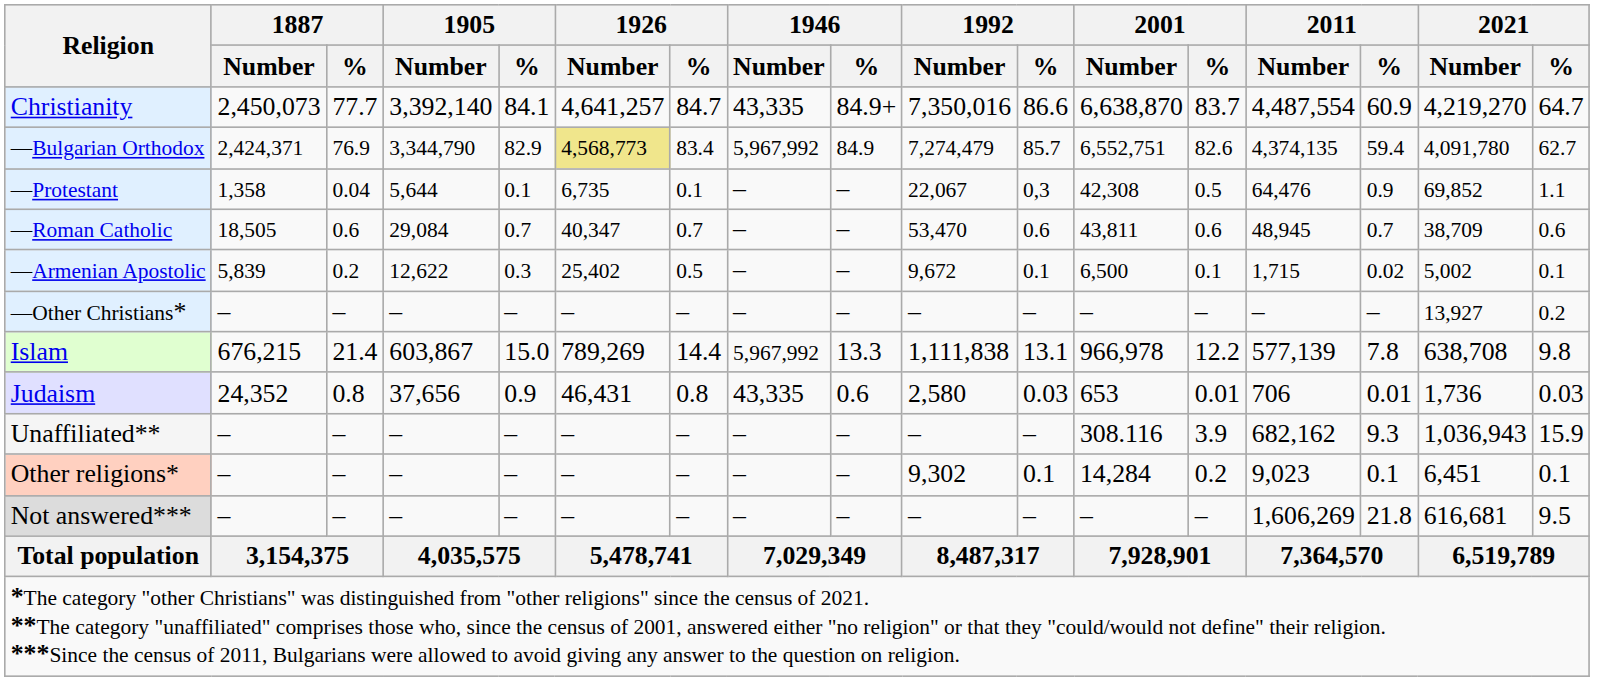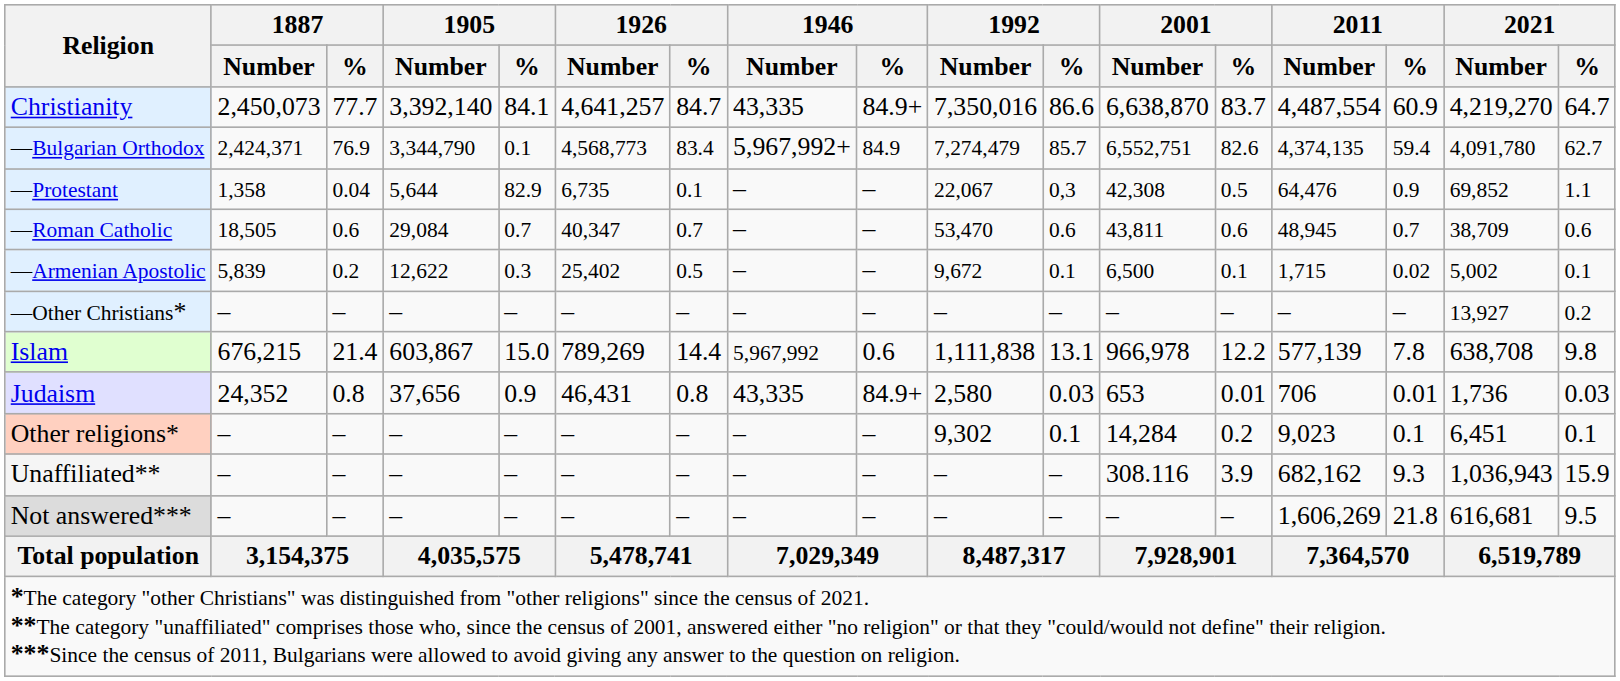 <table class="wikitable">
 <tr>
 <th rowspan="2">Religion</th>
 <th style="text-align:center;" colspan="2">1887</th>
 <th style="text-align:center;" colspan="2">1905</th>
 <th style="text-align:center;" colspan="2">1926</th>
 <th style="text-align:center;" colspan="2">1946</th>
 <th style="text-align:center;" colspan="2">1992</th>
 <th style="text-align:center;" colspan="2">2001</th>
 <th style="text-align:center;" colspan="2">2011</th>
 <th style="text-align:center;" colspan="2">2021</th>
 </tr>
 <tr>
 <th>Number</th>
 <th>%</th>
 <th>Number</th>
 <th>%</th>
 <th>Number</th>
 <th>%</th>
 <th>Number</th>
 <th>%</th>
 <th>Number</th>
 <th>%</th>
 <th>Number</th>
 <th>%</th>
 <th>Number</th>
 <th>%</th>
 <th>Number</th>
 <th>%</th>
 </tr>
 <tr>
 <td style="background:#E0F0FF;"><a href='#'>Christianity</a></td>
 <td>2,450,073</td>
 <td>77.7</td>
 <td>3,392,140</td>
 <td>84.1</td>
 <td>4,641,257</td>
 <td>84.7</td>
 <td>43,335</td>
 <td>84.9+</td>
 <td>7,350,016</td>
 <td>86.6</td>
 <td>6,638,870</td>
 <td>83.7</td>
 <td>4,487,554</td>
 <td>60.9</td>
 <td>4,219,270</td>
 <td>64.7</td>
 </tr>
 <tr>
 <td style="background:#E0F0FF;"><small>—<a href='#'>Bulgarian Orthodox</a></small></td>
 <td><small>2,424,371</small></td>
 <td><small>76.9</small></td>
 <td><small>3,344,790</small></td>
-<td><small>82.9</small></td>
-<td style="background: khaki;"><small>4,568,773</small></td>
+<td><small>0.1</small></td>
+<td><small>4,568,773</small></td>
 <td><small>83.4</small></td>
-<td><small>5,967,992</small></td>
+<td>5,967,992+</td>
 <td><small>84.9</small></td>
 <td><small>7,274,479</small></td>
 <td><small>85.7</small></td>
 <td><small>6,552,751</small></td>
 <td><small>82.6</small></td>
 <td><small>4,374,135</small></td>
 <td><small>59.4</small></td>
 <td><small>4,091,780</small></td>
 <td><small>62.7</small></td>
 </tr>
 <tr>
 <td style="background:#E0F0FF;"><small>—<a href='#'>Protestant</a></small></td>
 <td><small>1,358</small></td>
 <td><small>0.04</small></td>
 <td><small>5,644</small></td>
-<td><small>0.1</small></td>
+<td><small>82.9</small></td>
 <td><small>6,735</small></td>
 <td><small>0.1</small></td>
 <td>–</td>
 <td>–</td>
 <td><small>22,067</small></td>
 <td><small>0,3</small></td>
 <td><small>42,308</small></td>
 <td><small>0.5</small></td>
 <td><small>64,476</small></td>
 <td><small>0.9</small></td>
 <td><small>69,852</small></td>
 <td><small>1.1</small></td>
 </tr>
 <tr>
 <td style="background:#E0F0FF;"><small>—<a href='#'>Roman Catholic</a></small></td>
 <td><small>18,505</small></td>
 <td><small>0.6</small></td>
 <td><small>29,084</small></td>
 <td><small>0.7</small></td>
 <td><small>40,347</small></td>
 <td><small>0.7</small></td>
 <td>–</td>
 <td>–</td>
 <td><small>53,470</small></td>
 <td><small>0.6</small></td>
 <td><small>43,811</small></td>
 <td><small>0.6</small></td>
 <td><small>48,945</small></td>
 <td><small>0.7</small></td>
 <td><small>38,709</small></td>
 <td><small>0.6</small></td>
 </tr>
 <tr>
 <td style="background:#E0F0FF;"><small>—<a href='#'>Armenian Apostolic</a></small></td>
 <td><small>5,839</small></td>
 <td><small>0.2</small></td>
 <td><small>12,622</small></td>
 <td><small>0.3</small></td>
 <td><small>25,402</small></td>
 <td><small>0.5</small></td>
 <td>–</td>
 <td>–</td>
 <td><small>9,672</small></td>
 <td><small>0.1</small></td>
 <td><small>6,500</small></td>
 <td><small>0.1</small></td>
 <td><small>1,715</small></td>
 <td><small>0.02</small></td>
 <td><small>5,002</small></td>
 <td><small>0.1</small></td>
 </tr>
 <tr>
 <td style="background:#E0F0FF;"><small>—Other Christians</small>*</td>
 <td>–</td>
 <td>–</td>
 <td>–</td>
 <td>–</td>
 <td>–</td>
 <td>–</td>
 <td>–</td>
 <td>–</td>
 <td>–</td>
 <td>–</td>
 <td>–</td>
 <td>–</td>
 <td>–</td>
 <td>–</td>
 <td><small>13,927</small></td>
 <td><small>0.2</small></td>
 </tr>
 <tr>
 <td style="background:#E0FFD0;"><a href='#'>Islam</a></td>
 <td>676,215</td>
 <td>21.4</td>
 <td>603,867</td>
 <td>15.0</td>
 <td>789,269</td>
 <td>14.4</td>
 <td><small>5,967,992</small></td>
-<td>13.3</td>
+<td>0.6</td>
 <td>1,111,838</td>
 <td>13.1</td>
 <td>966,978</td>
 <td>12.2</td>
 <td>577,139</td>
 <td>7.8</td>
 <td>638,708</td>
 <td>9.8</td>
 </tr>
 <tr>
 <td style="background:#E0E0FF;"><a href='#'>Judaism</a></td>
 <td>24,352</td>
 <td>0.8</td>
 <td>37,656</td>
 <td>0.9</td>
 <td>46,431</td>
 <td>0.8</td>
 <td>43,335</td>
-<td>0.6</td>
+<td>84.9+</td>
 <td>2,580</td>
 <td>0.03</td>
 <td>653</td>
 <td>0.01</td>
 <td>706</td>
 <td>0.01</td>
 <td>1,736</td>
 <td>0.03</td>
+</tr>
+<tr>
+<td style="background:#FFD0C0;">Other religions*</td>
+<td>–</td>
+<td>–</td>
+<td>–</td>
+<td>–</td>
+<td>–</td>
+<td>–</td>
+<td>–</td>
+<td>–</td>
+<td>9,302</td>
+<td>0.1</td>
+<td>14,284</td>
+<td>0.2</td>
+<td>9,023</td>
+<td>0.1</td>
+<td>6,451</td>
+<td>0.1</td>
 </tr>
 <tr>
 <td style="background:#F5F5F5;">Unaffiliated**</td>
 <td>–</td>
 <td>–</td>
 <td>–</td>
 <td>–</td>
 <td>–</td>
 <td>–</td>
 <td>–</td>
 <td>–</td>
 <td>–</td>
 <td>–</td>
 <td>308.116</td>
 <td>3.9</td>
 <td>682,162</td>
 <td>9.3</td>
 <td>1,036,943</td>
 <td>15.9</td>
-</tr>
-<tr>
-<td style="background:#FFD0C0;">Other religions*</td>
-<td>–</td>
-<td>–</td>
-<td>–</td>
-<td>–</td>
-<td>–</td>
-<td>–</td>
-<td>–</td>
-<td>–</td>
-<td>9,302</td>
-<td>0.1</td>
-<td>14,284</td>
-<td>0.2</td>
-<td>9,023</td>
-<td>0.1</td>
-<td>6,451</td>
-<td>0.1</td>
 </tr>
 <tr>
 <td style="background:#DCDCDC;">Not answered***</td>
 <td>–</td>
 <td>–</td>
 <td>–</td>
 <td>–</td>
 <td>–</td>
 <td>–</td>
 <td>–</td>
 <td>–</td>
 <td>–</td>
 <td>–</td>
 <td>–</td>
 <td>–</td>
 <td>1,606,269</td>
 <td>21.8</td>
 <td>616,681</td>
 <td>9.5</td>
 </tr>
 <tr>
 <th>Total population</th>
 <th colspan="2">3,154,375</th>
 <th colspan="2">4,035,575</th>
 <th colspan="2">5,478,741</th>
 <th colspan="2">7,029,349</th>
 <th colspan="2">8,487,317</th>
 <th colspan="2">7,928,901</th>
 <th colspan="2">7,364,570</th>
 <th colspan="2">6,519,789</th>
 </tr>
 <tr>
 <td colspan="17"><strong>*</strong><small>The category "other Christians" was distinguished from "other religions" since the census of 2021.</small><br><strong>**</strong><small>The category "unaffiliated" comprises those who, since the census of 2001, answered either "no religion" or that they "could/would not define" their religion.</small><br><strong>***</strong><small>Since the census of 2011, Bulgarians were allowed to avoid giving any answer to the question on religion.</small></td>
 </tr>
 </table>
